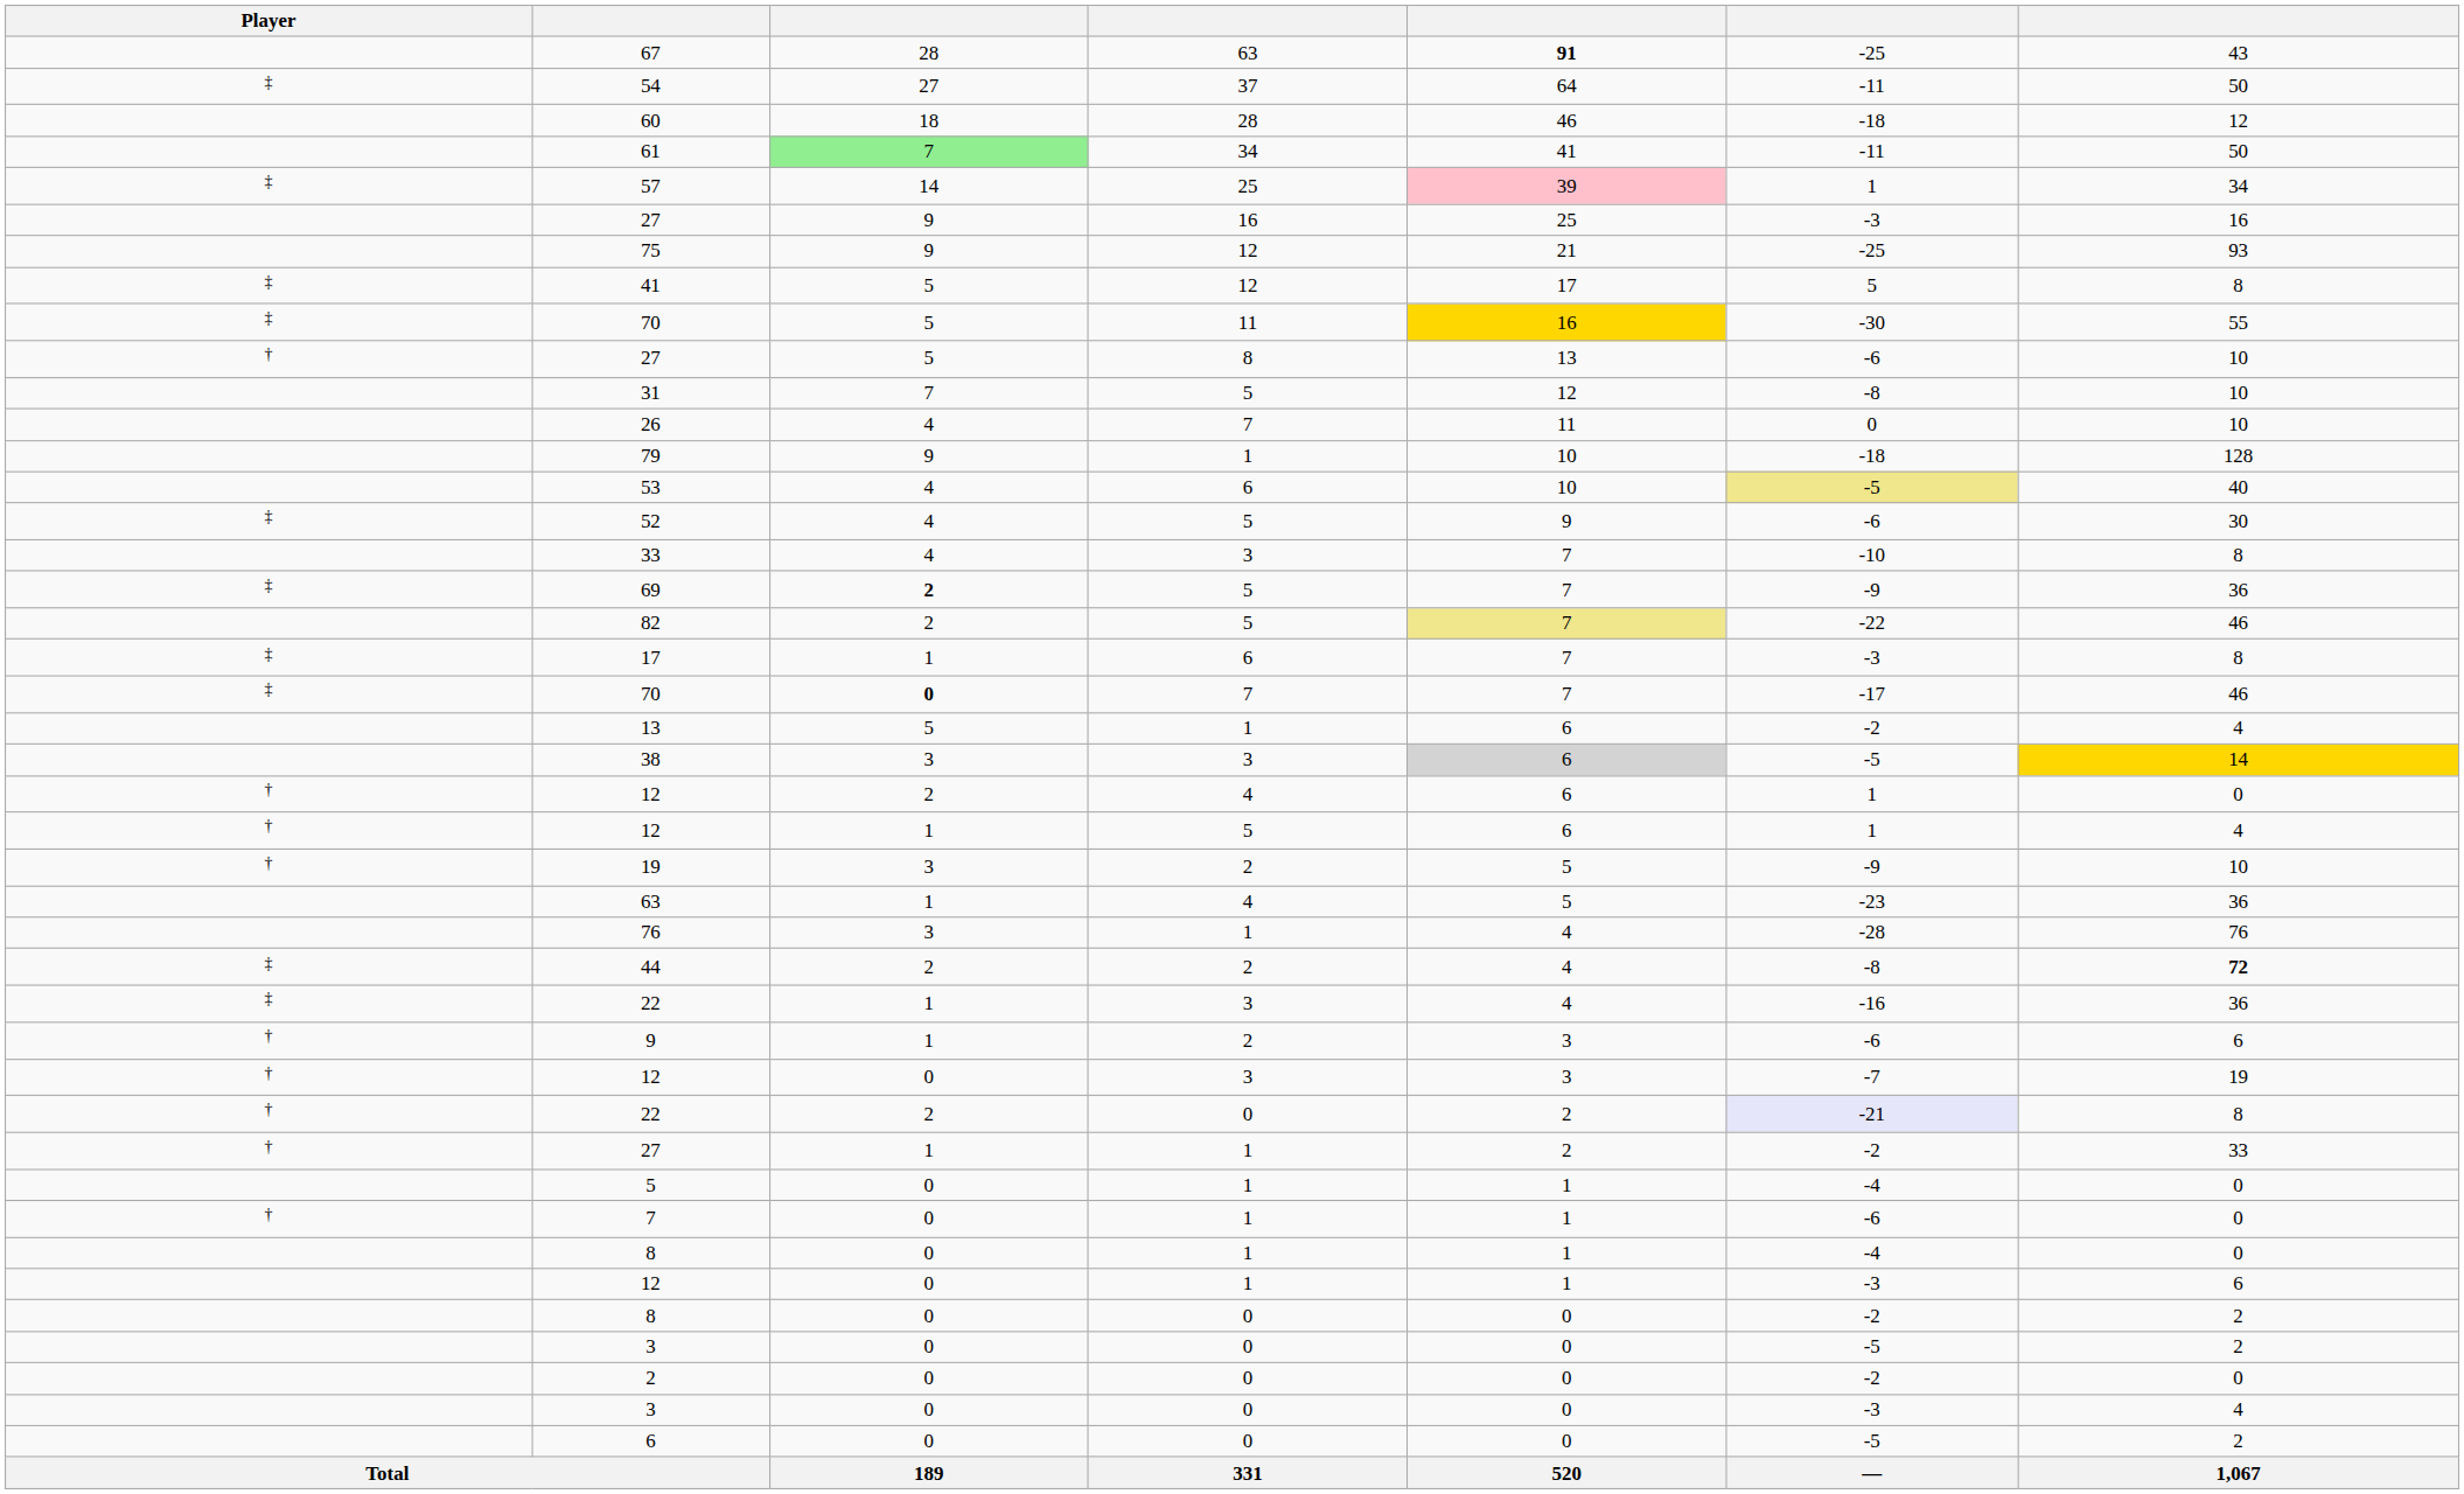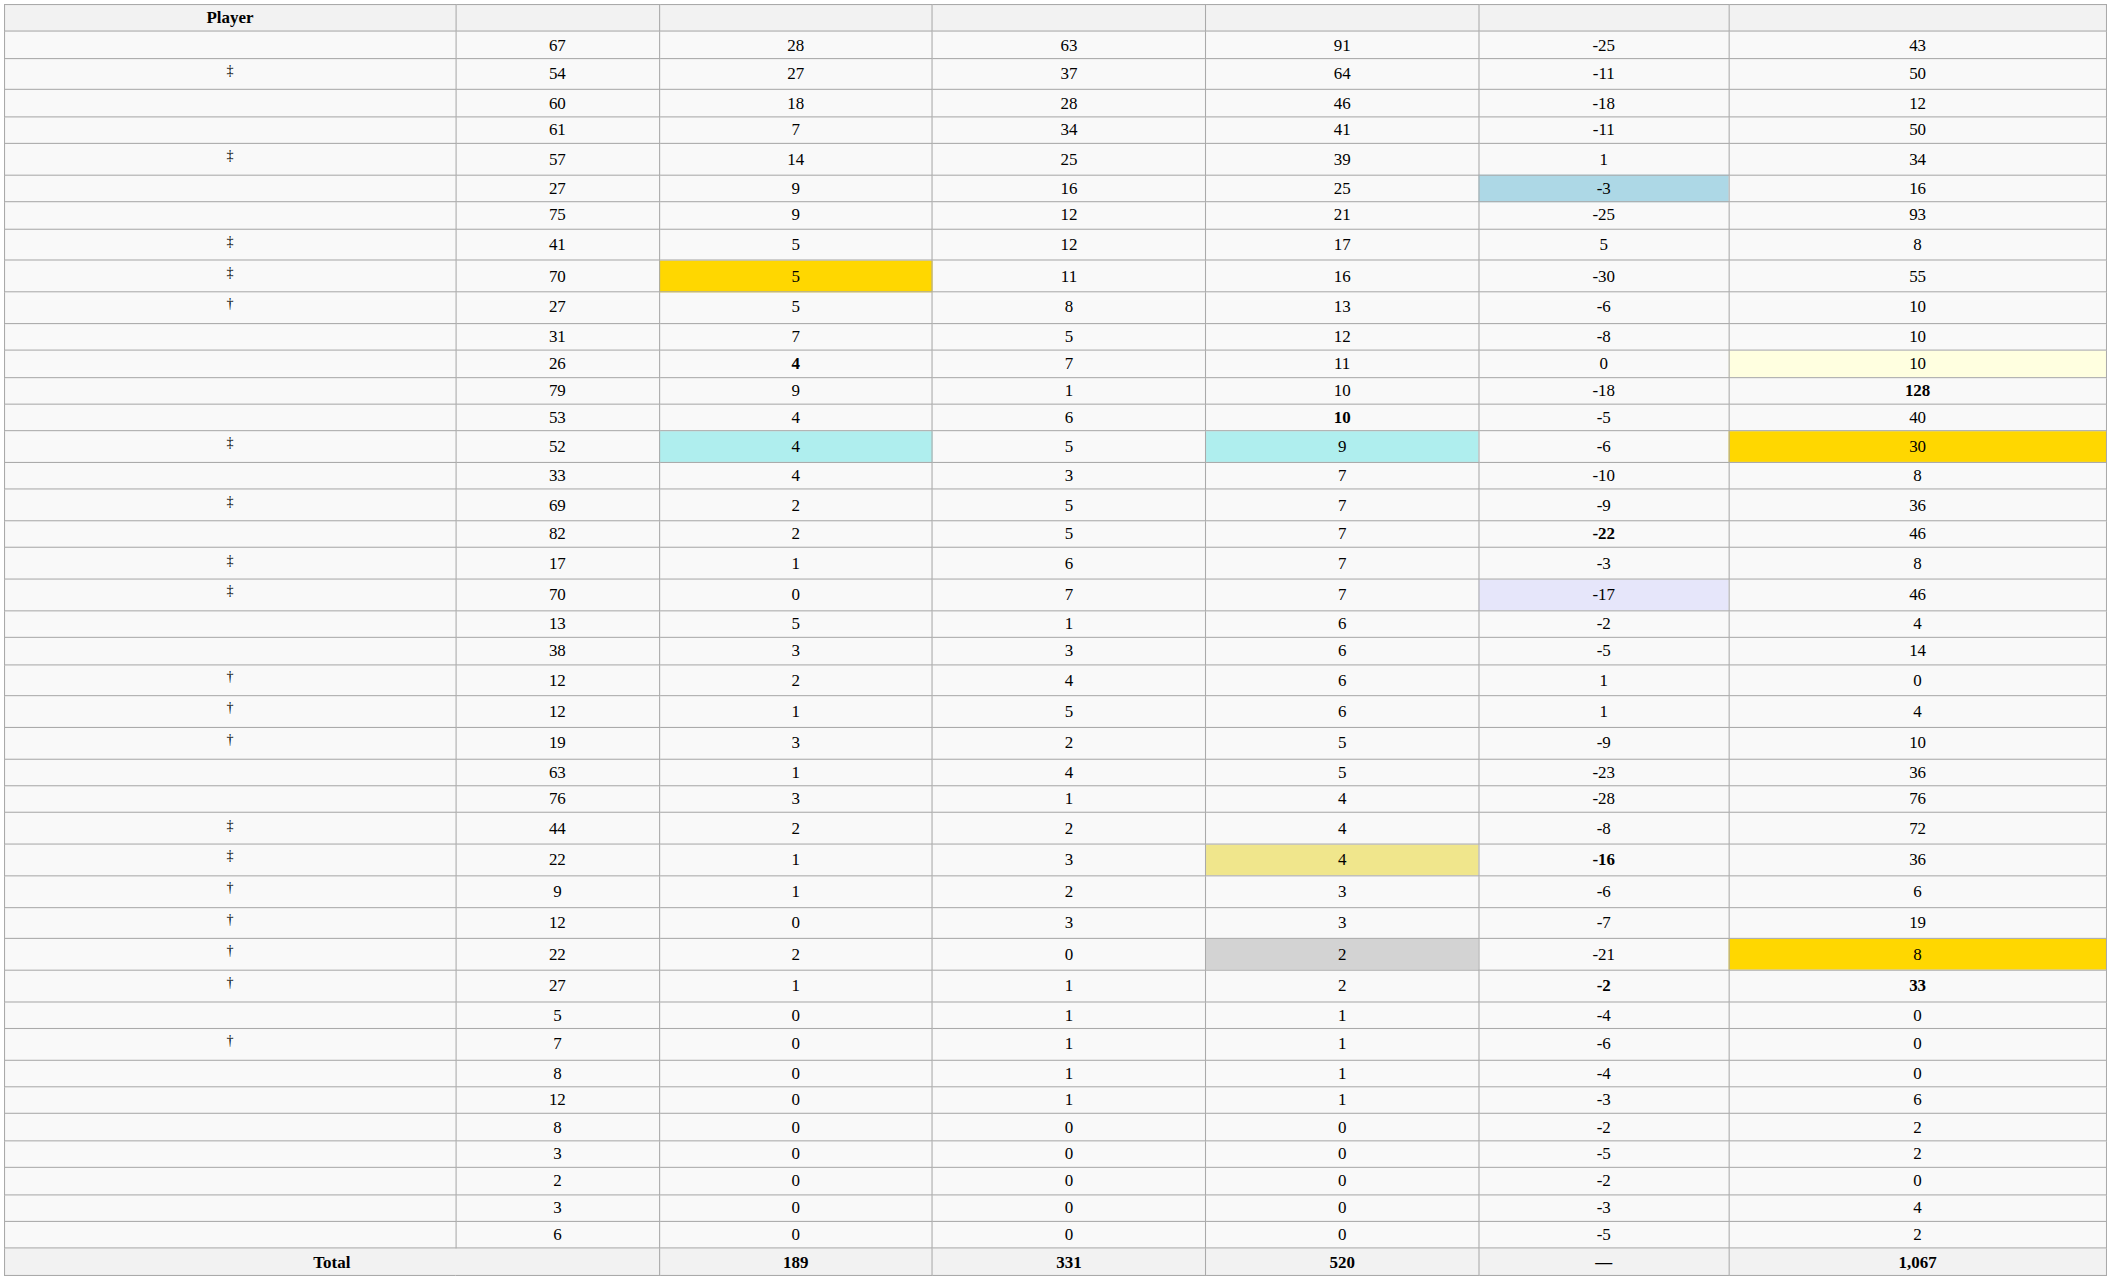 <table class="wikitable sortable" style="width:100%; text-align:center;">
 <tr align=center>
 <th>Player</th>
 <th></th>
 <th></th>
 <th></th>
 <th></th>
 <th data-sort-type="number"></th>
 <th></th>
 </tr>
 <tr>
 <td></td>
 <td>67</td>
 <td>28</td>
 <td>63</td>
-<td><strong>91</strong></td>
+<td>91</td>
 <td>-25</td>
 <td>43</td>
 </tr>
 <tr>
 <td><sup>‡</sup></td>
 <td>54</td>
 <td>27</td>
 <td>37</td>
 <td>64</td>
 <td>-11</td>
 <td>50</td>
 </tr>
 <tr>
 <td></td>
 <td>60</td>
 <td>18</td>
 <td>28</td>
 <td>46</td>
 <td>-18</td>
 <td>12</td>
 </tr>
 <tr>
 <td></td>
 <td>61</td>
-<td style="background: lightgreen;">7</td>
+<td>7</td>
 <td>34</td>
 <td>41</td>
 <td>-11</td>
 <td>50</td>
 </tr>
 <tr>
 <td><sup>‡</sup></td>
 <td>57</td>
 <td>14</td>
 <td>25</td>
-<td style="background: pink;">39</td>
+<td>39</td>
 <td>1</td>
 <td>34</td>
 </tr>
 <tr>
 <td></td>
 <td>27</td>
 <td>9</td>
 <td>16</td>
 <td>25</td>
-<td>-3</td>
+<td style="background: lightblue;">-3</td>
 <td>16</td>
 </tr>
 <tr>
 <td></td>
 <td>75</td>
 <td>9</td>
 <td>12</td>
 <td>21</td>
 <td>-25</td>
 <td>93</td>
 </tr>
 <tr>
 <td><sup>‡</sup></td>
 <td>41</td>
 <td>5</td>
 <td>12</td>
 <td>17</td>
 <td>5</td>
 <td>8</td>
 </tr>
 <tr>
 <td><sup>‡</sup></td>
 <td>70</td>
-<td>5</td>
+<td style="background: gold;">5</td>
 <td>11</td>
-<td style="background: gold;">16</td>
+<td>16</td>
 <td>-30</td>
 <td>55</td>
 </tr>
 <tr>
 <td><sup>†</sup></td>
 <td>27</td>
 <td>5</td>
 <td>8</td>
 <td>13</td>
 <td>-6</td>
 <td>10</td>
 </tr>
 <tr>
 <td></td>
 <td>31</td>
 <td>7</td>
 <td>5</td>
 <td>12</td>
 <td>-8</td>
 <td>10</td>
 </tr>
 <tr>
 <td></td>
 <td>26</td>
-<td>4</td>
+<td><strong>4</strong></td>
 <td>7</td>
 <td>11</td>
 <td>0</td>
-<td>10</td>
+<td style="background: lightyellow;">10</td>
 </tr>
 <tr>
 <td></td>
 <td>79</td>
 <td>9</td>
 <td>1</td>
 <td>10</td>
 <td>-18</td>
-<td>128</td>
+<td><strong>128</strong></td>
 </tr>
 <tr>
 <td></td>
 <td>53</td>
 <td>4</td>
 <td>6</td>
-<td>10</td>
-<td style="background: khaki;">-5</td>
+<td><strong>10</strong></td>
+<td>-5</td>
 <td>40</td>
 </tr>
 <tr>
 <td><sup>‡</sup></td>
 <td>52</td>
-<td>4</td>
+<td style="background: paleturquoise;">4</td>
 <td>5</td>
-<td>9</td>
+<td style="background: paleturquoise;">9</td>
 <td>-6</td>
-<td>30</td>
+<td style="background: gold;">30</td>
 </tr>
 <tr>
 <td></td>
 <td>33</td>
 <td>4</td>
 <td>3</td>
 <td>7</td>
 <td>-10</td>
 <td>8</td>
 </tr>
 <tr>
 <td><sup>‡</sup></td>
 <td>69</td>
-<td><strong>2</strong></td>
+<td>2</td>
 <td>5</td>
 <td>7</td>
 <td>-9</td>
 <td>36</td>
 </tr>
 <tr>
 <td></td>
 <td>82</td>
 <td>2</td>
 <td>5</td>
-<td style="background: khaki;">7</td>
-<td>-22</td>
+<td>7</td>
+<td><strong>-22</strong></td>
 <td>46</td>
 </tr>
 <tr>
 <td><sup>‡</sup></td>
 <td>17</td>
 <td>1</td>
 <td>6</td>
 <td>7</td>
 <td>-3</td>
 <td>8</td>
 </tr>
 <tr>
 <td><sup>‡</sup></td>
 <td>70</td>
-<td><strong>0</strong></td>
+<td>0</td>
 <td>7</td>
 <td>7</td>
-<td>-17</td>
+<td style="background: lavender;">-17</td>
 <td>46</td>
 </tr>
 <tr>
 <td></td>
 <td>13</td>
 <td>5</td>
 <td>1</td>
 <td>6</td>
 <td>-2</td>
 <td>4</td>
 </tr>
 <tr>
 <td></td>
 <td>38</td>
 <td>3</td>
 <td>3</td>
-<td style="background: lightgrey;">6</td>
+<td>6</td>
 <td>-5</td>
-<td style="background: gold;">14</td>
+<td>14</td>
 </tr>
 <tr>
 <td><sup>†</sup></td>
 <td>12</td>
 <td>2</td>
 <td>4</td>
 <td>6</td>
 <td>1</td>
 <td>0</td>
 </tr>
 <tr>
 <td><sup>†</sup></td>
 <td>12</td>
 <td>1</td>
 <td>5</td>
 <td>6</td>
 <td>1</td>
 <td>4</td>
 </tr>
 <tr>
 <td><sup>†</sup></td>
 <td>19</td>
 <td>3</td>
 <td>2</td>
 <td>5</td>
 <td>-9</td>
 <td>10</td>
 </tr>
 <tr>
 <td></td>
 <td>63</td>
 <td>1</td>
 <td>4</td>
 <td>5</td>
 <td>-23</td>
 <td>36</td>
 </tr>
 <tr>
 <td></td>
 <td>76</td>
 <td>3</td>
 <td>1</td>
 <td>4</td>
 <td>-28</td>
 <td>76</td>
 </tr>
 <tr>
 <td><sup>‡</sup></td>
 <td>44</td>
 <td>2</td>
 <td>2</td>
 <td>4</td>
 <td>-8</td>
-<td><strong>72</strong></td>
+<td>72</td>
 </tr>
 <tr>
 <td><sup>‡</sup></td>
 <td>22</td>
 <td>1</td>
 <td>3</td>
-<td>4</td>
-<td>-16</td>
+<td style="background: khaki;">4</td>
+<td><strong>-16</strong></td>
 <td>36</td>
 </tr>
 <tr>
 <td><sup>†</sup></td>
 <td>9</td>
 <td>1</td>
 <td>2</td>
 <td>3</td>
 <td>-6</td>
 <td>6</td>
 </tr>
 <tr>
 <td><sup>†</sup></td>
 <td>12</td>
 <td>0</td>
 <td>3</td>
 <td>3</td>
 <td>-7</td>
 <td>19</td>
 </tr>
 <tr>
 <td><sup>†</sup></td>
 <td>22</td>
 <td>2</td>
 <td>0</td>
-<td>2</td>
-<td style="background: lavender;">-21</td>
-<td>8</td>
+<td style="background: lightgrey;">2</td>
+<td>-21</td>
+<td style="background: gold;">8</td>
 </tr>
 <tr>
 <td><sup>†</sup></td>
 <td>27</td>
 <td>1</td>
 <td>1</td>
 <td>2</td>
-<td>-2</td>
-<td>33</td>
+<td><strong>-2</strong></td>
+<td><strong>33</strong></td>
 </tr>
 <tr>
 <td></td>
 <td>5</td>
 <td>0</td>
 <td>1</td>
 <td>1</td>
 <td>-4</td>
 <td>0</td>
 </tr>
 <tr>
 <td><sup>†</sup></td>
 <td>7</td>
 <td>0</td>
 <td>1</td>
 <td>1</td>
 <td>-6</td>
 <td>0</td>
 </tr>
 <tr>
 <td></td>
 <td>8</td>
 <td>0</td>
 <td>1</td>
 <td>1</td>
 <td>-4</td>
 <td>0</td>
 </tr>
 <tr>
 <td></td>
 <td>12</td>
 <td>0</td>
 <td>1</td>
 <td>1</td>
 <td>-3</td>
 <td>6</td>
 </tr>
 <tr>
 <td></td>
 <td>8</td>
 <td>0</td>
 <td>0</td>
 <td>0</td>
 <td>-2</td>
 <td>2</td>
 </tr>
 <tr>
 <td></td>
 <td>3</td>
 <td>0</td>
 <td>0</td>
 <td>0</td>
 <td>-5</td>
 <td>2</td>
 </tr>
 <tr>
 <td></td>
 <td>2</td>
 <td>0</td>
 <td>0</td>
 <td>0</td>
 <td>-2</td>
 <td>0</td>
 </tr>
 <tr>
 <td></td>
 <td>3</td>
 <td>0</td>
 <td>0</td>
 <td>0</td>
 <td>-3</td>
 <td>4</td>
 </tr>
 <tr>
 <td></td>
 <td>6</td>
 <td>0</td>
 <td>0</td>
 <td>0</td>
 <td>-5</td>
 <td>2</td>
 </tr>
 <tr class="sortbottom">
 <th colspan=2>Total</th>
 <th>189</th>
 <th>331</th>
 <th>520</th>
 <th>—</th>
 <th>1,067</th>
 </tr>
 </table>
